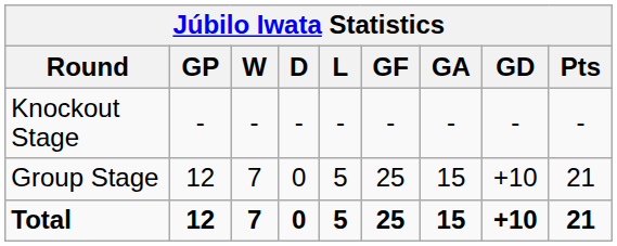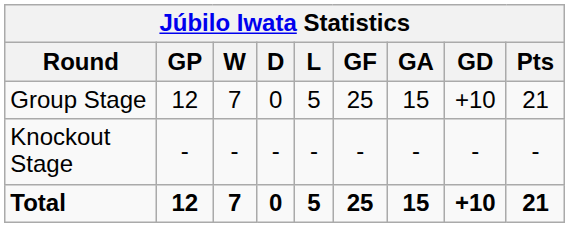 <table width=60% class="wikitable" style="text-align:center;">
 <tr>
 <th colspan=9> <a href='#'>Júbilo Iwata</a> Statistics</th>
 </tr>
 <tr>
 <th width=20%>Round</th>
 <th width=5%>GP</th>
 <th width=5%>W</th>
 <th width=5%>D</th>
 <th width=5%>L</th>
 <th width=5%>GF</th>
 <th width=5%>GA</th>
 <th width=5%>GD</th>
 <th width=5%>Pts</th>
 </tr>
 <tr>
+<td align="left">Group Stage</td>
+<td>12</td>
+<td>7</td>
+<td>0</td>
+<td>5</td>
+<td>25</td>
+<td>15</td>
+<td>+10</td>
+<td>21</td>
+</tr>
+<tr>
 <td align="left">Knockout Stage</td>
 <td>-</td>
 <td>-</td>
 <td>-</td>
 <td>-</td>
 <td>-</td>
 <td>-</td>
 <td>-</td>
 <td>-</td>
-</tr>
-<tr>
-<td align="left">Group Stage</td>
-<td>12</td>
-<td>7</td>
-<td>0</td>
-<td>5</td>
-<td>25</td>
-<td>15</td>
-<td>+10</td>
-<td>21</td>
 </tr>
 <tr style="font-weight:bold">
 <td align="left">Total</td>
 <td>12</td>
 <td>7</td>
 <td>0</td>
 <td>5</td>
 <td>25</td>
 <td>15</td>
 <td>+10</td>
 <td>21</td>
 </tr>
 </table>
